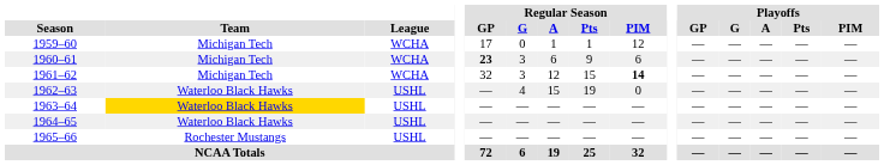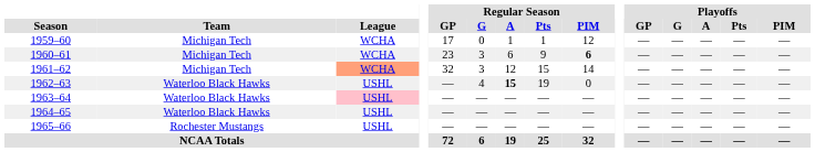 <table border="0" cellpadding="1" cellspacing="0" style="text-align:center; width:70em">
 <tr bgcolor="#e0e0e0">
 <th colspan="3"  bgcolor="#ffffff"> </th>
 <th rowspan="99" bgcolor="#ffffff"> </th>
 <th colspan="5">Regular Season</th>
 <th rowspan="99" bgcolor="#ffffff"> </th>
 <th colspan="5">Playoffs</th>
 </tr>
 <tr bgcolor="#e0e0e0">
 <th>Season</th>
 <th>Team</th>
 <th>League</th>
 <th>GP</th>
 <th><a href='#'>G</a></th>
 <th><a href='#'>A</a></th>
 <th><a href='#'>Pts</a></th>
 <th><a href='#'>PIM</a></th>
 <th>GP</th>
 <th>G</th>
 <th>A</th>
 <th>Pts</th>
 <th>PIM</th>
 </tr>
 <tr>
 <td><a href='#'>1959–60</a></td>
 <td><a href='#'>Michigan Tech</a></td>
 <td><a href='#'>WCHA</a></td>
 <td>17</td>
 <td>0</td>
 <td>1</td>
 <td>1</td>
 <td>12</td>
 <td>—</td>
 <td>—</td>
 <td>—</td>
 <td>—</td>
 <td>—</td>
 </tr>
 <tr bgcolor=f0f0f0>
 <td><a href='#'>1960–61</a></td>
 <td><a href='#'>Michigan Tech</a></td>
 <td><a href='#'>WCHA</a></td>
-<td><strong>23</strong></td>
+<td>23</td>
 <td>3</td>
 <td>6</td>
 <td>9</td>
-<td>6</td>
+<td><strong>6</strong></td>
 <td>—</td>
 <td>—</td>
 <td>—</td>
 <td>—</td>
 <td>—</td>
 </tr>
 <tr>
 <td><a href='#'>1961–62</a></td>
 <td><a href='#'>Michigan Tech</a></td>
-<td><a href='#'>WCHA</a></td>
+<td style="background: lightsalmon;"><a href='#'>WCHA</a></td>
 <td>32</td>
 <td>3</td>
 <td>12</td>
 <td>15</td>
-<td><strong>14</strong></td>
+<td>14</td>
 <td>—</td>
 <td>—</td>
 <td>—</td>
 <td>—</td>
 <td>—</td>
 </tr>
 <tr bgcolor=f0f0f0>
 <td><a href='#'>1962–63</a></td>
 <td><a href='#'>Waterloo Black Hawks</a></td>
 <td><a href='#'>USHL</a></td>
 <td>—</td>
 <td>4</td>
-<td>15</td>
+<td><strong>15</strong></td>
 <td>19</td>
 <td>0</td>
 <td>—</td>
 <td>—</td>
 <td>—</td>
 <td>—</td>
 <td>—</td>
 </tr>
 <tr>
 <td><a href='#'>1963–64</a></td>
-<td style="background: gold;"><a href='#'>Waterloo Black Hawks</a></td>
-<td><a href='#'>USHL</a></td>
+<td><a href='#'>Waterloo Black Hawks</a></td>
+<td style="background: pink;"><a href='#'>USHL</a></td>
 <td>—</td>
 <td>—</td>
 <td>—</td>
 <td>—</td>
 <td>—</td>
 <td>—</td>
 <td>—</td>
 <td>—</td>
 <td>—</td>
 <td>—</td>
 </tr>
 <tr bgcolor=f0f0f0>
 <td><a href='#'>1964–65</a></td>
 <td><a href='#'>Waterloo Black Hawks</a></td>
 <td><a href='#'>USHL</a></td>
 <td>—</td>
 <td>—</td>
 <td>—</td>
 <td>—</td>
 <td>—</td>
 <td>—</td>
 <td>—</td>
 <td>—</td>
 <td>—</td>
 <td>—</td>
 </tr>
 <tr>
 <td><a href='#'>1965–66</a></td>
 <td><a href='#'>Rochester Mustangs</a></td>
 <td><a href='#'>USHL</a></td>
 <td>—</td>
 <td>—</td>
 <td>—</td>
 <td>—</td>
 <td>—</td>
 <td>—</td>
 <td>—</td>
 <td>—</td>
 <td>—</td>
 <td>—</td>
 </tr>
 <tr bgcolor="#e0e0e0">
 <th colspan="3">NCAA Totals</th>
 <th>72</th>
 <th>6</th>
 <th>19</th>
 <th>25</th>
 <th>32</th>
 <th>—</th>
 <th>—</th>
 <th>—</th>
 <th>—</th>
 <th>—</th>
 </tr>
 </table>
